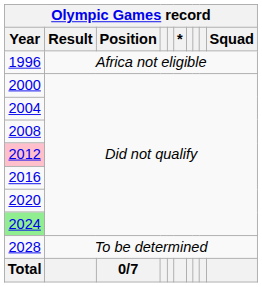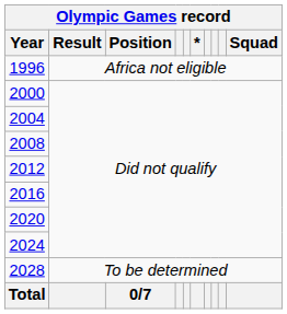 <table class="wikitable" style="text-align: center;">
 <tr>
 <th colspan=10><a href='#'>Olympic Games</a> record</th>
 </tr>
 <tr>
 <th>Year</th>
 <th>Result</th>
 <th>Position</th>
 <th></th>
 <th></th>
 <th>*</th>
 <th></th>
 <th></th>
 <th></th>
 <th>Squad</th>
 </tr>
 <tr>
 <td> <a href='#'>1996</a></td>
 <td colspan=9><em>Africa not eligible</em></td>
 </tr>
 <tr>
 <td> <a href='#'>2000</a></td>
 <td colspan=9 rowspan=7><em>Did not qualify</em></td>
 </tr>
 <tr>
 <td> <a href='#'>2004</a></td>
 </tr>
 <tr>
 <td> <a href='#'>2008</a></td>
 </tr>
 <tr>
-<td style="background: pink;"> <a href='#'>2012</a></td>
+<td> <a href='#'>2012</a></td>
 </tr>
 <tr>
 <td> <a href='#'>2016</a></td>
 </tr>
 <tr>
 <td> <a href='#'>2020</a></td>
 </tr>
 <tr>
-<td style="background: lightgreen;"> <a href='#'>2024</a></td>
+<td> <a href='#'>2024</a></td>
 </tr>
 <tr>
 <td> <a href='#'>2028</a></td>
 <td colspan=9><em>To be determined</em></td>
 </tr>
 <tr>
 <th>Total</th>
 <th></th>
 <th>0/7</th>
 <th></th>
 <th></th>
 <th></th>
 <th></th>
 <th></th>
 <th></th>
 <th></th>
 </tr>
 </table>
